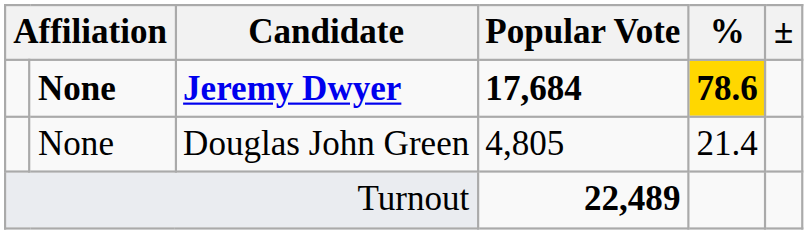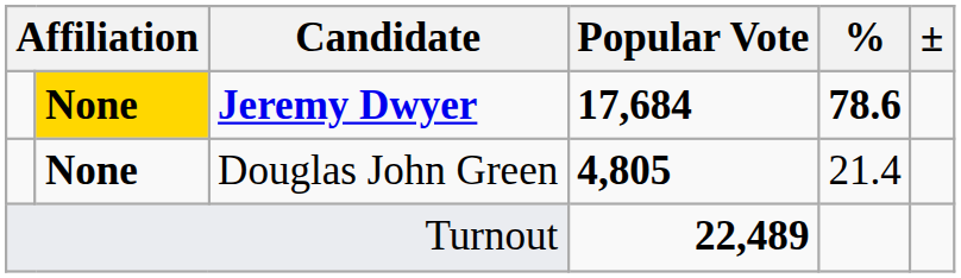 <table class="wikitable col4right col5right">
 <tr>
 <th colspan="2">Affiliation</th>
 <th>Candidate</th>
 <th>Popular Vote</th>
 <th>%</th>
 <th>±</th>
 </tr>
 <tr>
 <td></td>
-<td><strong>None</strong></td>
+<td style="background: gold;"><strong>None</strong></td>
 <td><strong><a href='#'>Jeremy Dwyer</a></strong></td>
 <td><strong>17,684</strong></td>
-<td style="background: gold;"><strong>78.6</strong></td>
+<td><strong>78.6</strong></td>
 <td></td>
 </tr>
 <tr>
 <td></td>
-<td>None</td>
+<td><strong>None</strong></td>
 <td>Douglas John Green</td>
-<td>4,805</td>
+<td><strong>4,805</strong></td>
 <td>21.4</td>
 <td></td>
 </tr>
 <tr>
 <td colspan="3" style="text-align:right;background-color:#eaecf0">Turnout</td>
 <td style="text-align:right"><strong>22,489</strong></td>
 <td></td>
 </tr>
 </table>
